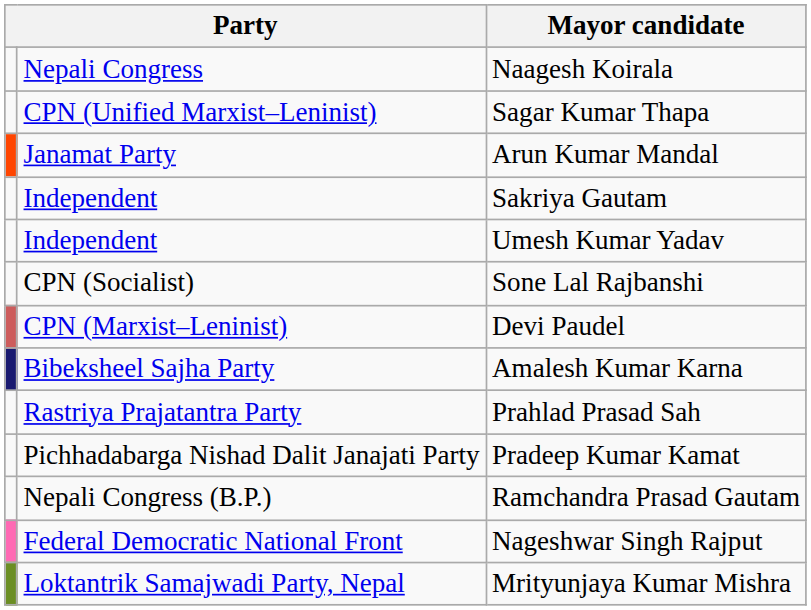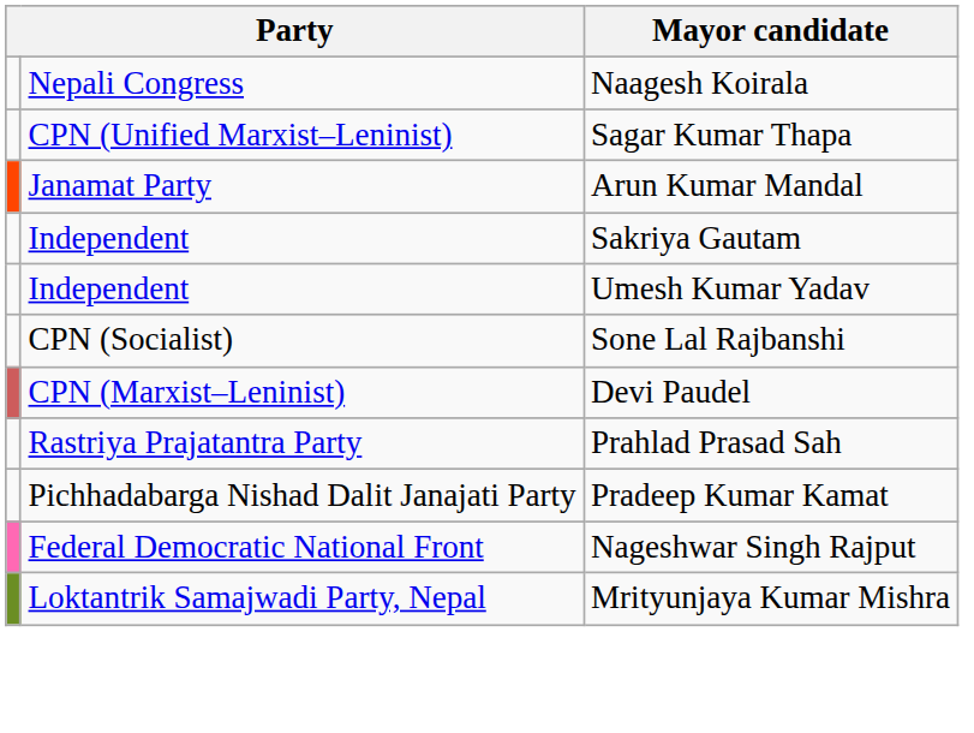 <table class="wikitable">
 <tr>
 <th colspan="2">Party</th>
 <th>Mayor candidate</th>
 </tr>
 <tr>
 <td style="background-color:"></td>
 <td><a href='#'>Nepali Congress</a> </td>
 <td>Naagesh Koirala</td>
 </tr>
 <tr>
 <td style="background-color:"></td>
 <td><a href='#'>CPN (Unified Marxist–Leninist)</a></td>
 <td>Sagar Kumar Thapa</td>
 </tr>
 <tr>
 <td style="background-color:orangered;"></td>
 <td><a href='#'>Janamat Party</a></td>
 <td>Arun Kumar Mandal</td>
 </tr>
 <tr>
 <td style="background-color:"></td>
 <td><a href='#'>Independent</a></td>
 <td>Sakriya Gautam</td>
 </tr>
 <tr>
 <td style="background-color:"></td>
 <td><a href='#'>Independent</a></td>
 <td>Umesh Kumar Yadav</td>
 </tr>
 <tr>
 <td></td>
 <td>CPN (Socialist)</td>
 <td>Sone Lal Rajbanshi</td>
 </tr>
 <tr>
 <td style="background-color:indianred;"></td>
 <td><a href='#'>CPN (Marxist–Leninist)</a></td>
 <td>Devi Paudel</td>
 </tr>
 <tr>
-<td style="background-color:midnightblue;"></td>
-<td><a href='#'>Bibeksheel Sajha Party</a></td>
-<td>Amalesh Kumar Karna</td>
-</tr>
-<tr>
 <td style="background-color:"></td>
 <td><a href='#'>Rastriya Prajatantra Party</a></td>
 <td>Prahlad Prasad Sah</td>
 </tr>
 <tr>
 <td></td>
 <td>Pichhadabarga Nishad Dalit Janajati Party</td>
 <td>Pradeep Kumar Kamat</td>
-</tr>
-<tr>
-<td></td>
-<td>Nepali Congress (B.P.)</td>
-<td>Ramchandra Prasad Gautam</td>
 </tr>
 <tr>
 <td style="background-color:hotpink;"></td>
 <td><a href='#'>Federal Democratic National Front</a></td>
 <td>Nageshwar Singh Rajput</td>
 </tr>
 <tr>
 <td style="background-color:olivedrab;"></td>
 <td><a href='#'>Loktantrik Samajwadi Party, Nepal</a></td>
 <td>Mrityunjaya Kumar Mishra</td>
 </tr>
 </table>
